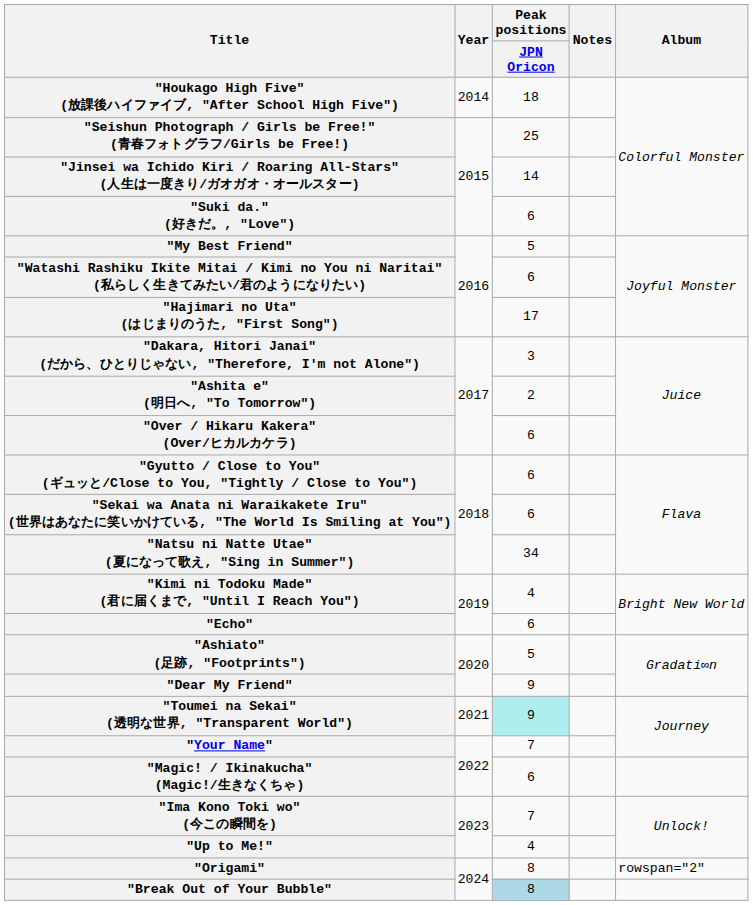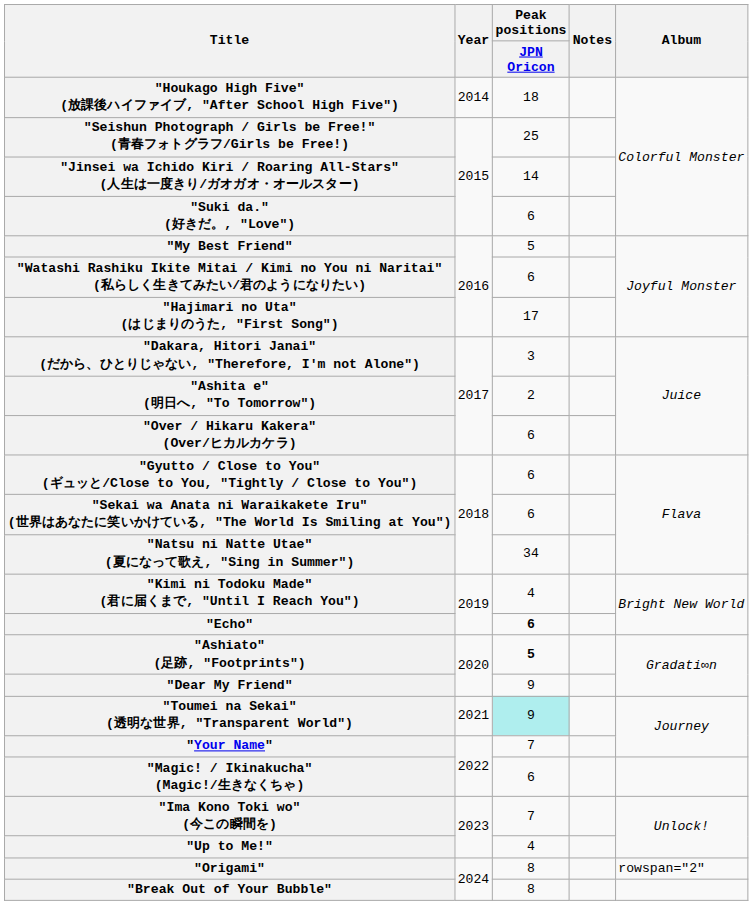 <table class="wikitable plainrowheaders">
 <tr>
 <th scope="col" rowspan="2">Title</th>
 <th scope="col" rowspan="2">Year</th>
 <th scope="col" colspan="1">Peak positions</th>
 <th scope="col" rowspan="2">Notes</th>
 <th scope="col" rowspan="2">Album</th>
 </tr>
 <tr>
 <th style="width:50px;" scope="col"><a href='#'>JPN<br>Oricon</a><br></th>
 </tr>
 <tr>
 <th scope="row">"Houkago High Five"<br>(放課後ハイファイブ, "After School High Five")</th>
 <td align="center">2014</td>
 <td align="center">18</td>
 <td></td>
 <td align="center" rowspan="4"><em>Colorful Monster</em></td>
 </tr>
 <tr>
 <th scope="row">"Seishun Photograph / Girls be Free!"<br>(青春フォトグラフ/Girls be Free!)</th>
 <td align="center" rowspan="3">2015</td>
 <td align="center">25</td>
 <td></td>
 </tr>
 <tr>
 <th scope="row">"Jinsei wa Ichido Kiri / Roaring All-Stars"<br>(人生は一度きり/ガオガオ・オールスター)</th>
 <td align="center">14</td>
 <td></td>
 </tr>
 <tr>
 <th scope="row">"Suki da."<br>(好きだ。, "Love")</th>
 <td align="center">6</td>
 <td></td>
 </tr>
 <tr>
 <th scope="row">"My Best Friend"</th>
 <td align="center" rowspan="3">2016</td>
 <td align="center">5</td>
 <td></td>
 <td align="center" rowspan="3"><em>Joyful Monster</em></td>
 </tr>
 <tr>
 <th scope="row">"Watashi Rashiku Ikite Mitai / Kimi no You ni Naritai"<br>(私らしく生きてみたい/君のようになりたい)</th>
 <td align="center">6</td>
 <td></td>
 </tr>
 <tr>
 <th scope="row">"Hajimari no Uta"<br>(はじまりのうた, "First Song")</th>
 <td align="center">17</td>
 <td></td>
 </tr>
 <tr>
 <th scope="row">"Dakara, Hitori Janai"<br>(だから、ひとりじゃない, "Therefore, I'm not Alone")</th>
 <td align="center" rowspan="3">2017</td>
 <td align="center">3</td>
 <td></td>
 <td align="center" rowspan="3"><em>Juice</em></td>
 </tr>
 <tr>
 <th scope="row">"Ashita e"<br>(明日へ, "To Tomorrow")</th>
 <td align="center">2</td>
 <td></td>
 </tr>
 <tr>
 <th scope="row">"Over / Hikaru Kakera"<br>(Over/ヒカルカケラ)</th>
 <td align="center">6</td>
 <td></td>
 </tr>
 <tr>
 <th scope="row">"Gyutto / Close to You"<br>(ギュッと/Close to You, "Tightly / Close to You")</th>
 <td align="center" rowspan="3">2018</td>
 <td align="center">6</td>
 <td></td>
 <td align="center" rowspan="3"><em>Flava</em></td>
 </tr>
 <tr>
 <th scope="row">"Sekai wa Anata ni Waraikakete Iru"<br>(世界はあなたに笑いかけている, "The World Is Smiling at You")</th>
 <td align="center">6</td>
 <td></td>
 </tr>
 <tr>
 <th scope="row">"Natsu ni Natte Utae"<br>(夏になって歌え, "Sing in Summer")</th>
 <td align="center">34</td>
 <td></td>
 </tr>
 <tr>
 <th scope="row">"Kimi ni Todoku Made"<br>(君に届くまで, "Until I Reach You")</th>
 <td align="center" rowspan="2">2019</td>
 <td align="center">4</td>
 <td></td>
 <td align="center" rowspan="2"><em>Bright New World</em></td>
 </tr>
 <tr>
 <th scope="row">"Echo"</th>
-<td align="center">6</td>
+<td align="center"><strong>6</strong></td>
 <td></td>
 </tr>
 <tr>
 <th scope="row">"Ashiato"<br>(足跡, "Footprints")</th>
 <td align="center" rowspan="2">2020</td>
-<td align="center">5</td>
+<td align="center"><strong>5</strong></td>
 <td></td>
 <td align="center" rowspan="2"><em>Gradati∞n</em></td>
 </tr>
 <tr>
 <th scope="row">"Dear My Friend"<br></th>
 <td align="center">9</td>
 <td></td>
 </tr>
 <tr>
 <th scope="row">"Toumei na Sekai"<br>(透明な世界, "Transparent World")</th>
 <td align="center">2021</td>
 <td align="center" style="background: paleturquoise;">9</td>
 <td></td>
 <td align="center" rowspan="2"><em>Journey</em></td>
 </tr>
 <tr>
 <th scope="row">"<a href='#'>Your Name</a>"</th>
 <td align="center" rowspan="2">2022</td>
 <td align="center">7</td>
 <td></td>
 </tr>
 <tr>
 <th scope="row">"Magic! / Ikinakucha"<br>(Magic!/生きなくちゃ)</th>
 <td align="center">6</td>
 <td></td>
 <td></td>
 </tr>
 <tr>
 <th scope="row">"Ima Kono Toki wo"<br>(今この瞬間を)</th>
 <td align="center" rowspan="2">2023</td>
 <td align="center">7</td>
 <td></td>
 <td align="center" rowspan="2"><em>Unlock!</em></td>
 </tr>
 <tr>
 <th scope="row">"Up to Me!"</th>
 <td align="center">4</td>
 <td></td>
 </tr>
 <tr>
 <th scope="row">"Origami"</th>
 <td align="center" rowspan="2">2024</td>
 <td align="center">8</td>
 <td></td>
 <td>rowspan="2" </td>
 </tr>
 <tr>
 <th scope="row">"Break Out of Your Bubble"</th>
-<td align="center" style="background: lightblue;">8</td>
+<td align="center">8</td>
 <td></td>
 </tr>
 </table>
